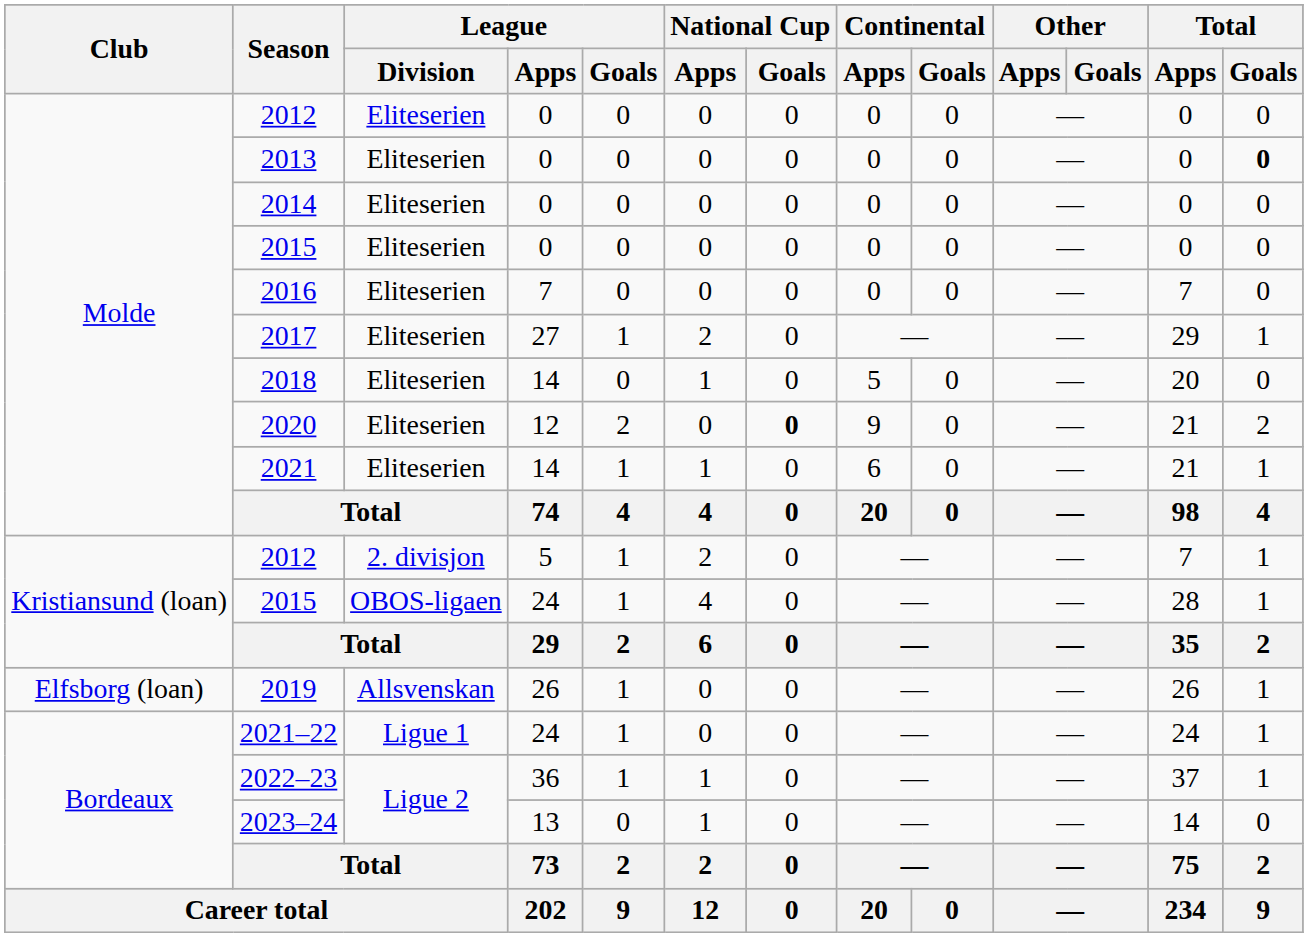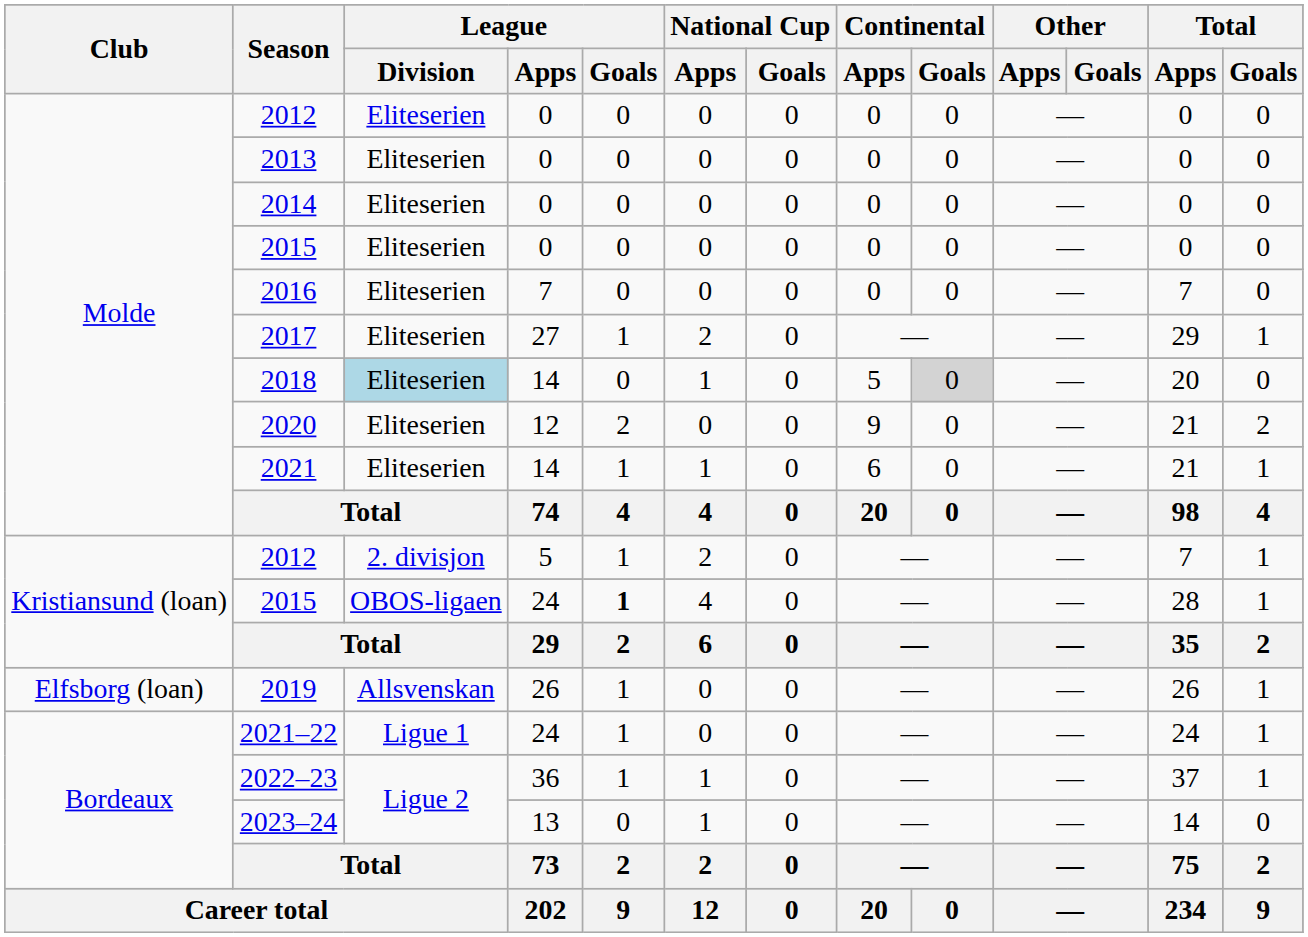 <table class="wikitable" style="text-align:center">
 <tr>
 <th rowspan="2">Club</th>
 <th rowspan="2">Season</th>
 <th colspan="3">League</th>
 <th colspan="2">National Cup</th>
 <th colspan="2">Continental</th>
 <th colspan="2">Other</th>
 <th colspan="2">Total</th>
 </tr>
 <tr>
 <th>Division</th>
 <th>Apps</th>
 <th>Goals</th>
 <th>Apps</th>
 <th>Goals</th>
 <th>Apps</th>
 <th>Goals</th>
 <th>Apps</th>
 <th>Goals</th>
 <th>Apps</th>
 <th>Goals</th>
 </tr>
 <tr>
 <td rowspan="10"><a href='#'>Molde</a></td>
 <td><a href='#'>2012</a></td>
 <td><a href='#'>Eliteserien</a></td>
 <td>0</td>
 <td>0</td>
 <td>0</td>
 <td>0</td>
 <td>0</td>
 <td>0</td>
 <td colspan="2">—</td>
 <td>0</td>
 <td>0</td>
 </tr>
 <tr>
 <td><a href='#'>2013</a></td>
 <td>Eliteserien</td>
 <td>0</td>
 <td>0</td>
 <td>0</td>
 <td>0</td>
 <td>0</td>
 <td>0</td>
 <td colspan="2">—</td>
 <td>0</td>
-<td><strong>0</strong></td>
+<td>0</td>
 </tr>
 <tr>
 <td><a href='#'>2014</a></td>
 <td>Eliteserien</td>
 <td>0</td>
 <td>0</td>
 <td>0</td>
 <td>0</td>
 <td>0</td>
 <td>0</td>
 <td colspan="2">—</td>
 <td>0</td>
 <td>0</td>
 </tr>
 <tr>
 <td><a href='#'>2015</a></td>
 <td>Eliteserien</td>
 <td>0</td>
 <td>0</td>
 <td>0</td>
 <td>0</td>
 <td>0</td>
 <td>0</td>
 <td colspan="2">—</td>
 <td>0</td>
 <td>0</td>
 </tr>
 <tr>
 <td><a href='#'>2016</a></td>
 <td>Eliteserien</td>
 <td>7</td>
 <td>0</td>
 <td>0</td>
 <td>0</td>
 <td>0</td>
 <td>0</td>
 <td colspan="2">—</td>
 <td>7</td>
 <td>0</td>
 </tr>
 <tr>
 <td><a href='#'>2017</a></td>
 <td>Eliteserien</td>
 <td>27</td>
 <td>1</td>
 <td>2</td>
 <td>0</td>
 <td colspan="2">—</td>
 <td colspan="2">—</td>
 <td>29</td>
 <td>1</td>
 </tr>
 <tr>
 <td><a href='#'>2018</a></td>
-<td>Eliteserien</td>
+<td style="background: lightblue;">Eliteserien</td>
 <td>14</td>
 <td>0</td>
 <td>1</td>
 <td>0</td>
 <td>5</td>
-<td>0</td>
+<td style="background: lightgrey;">0</td>
 <td colspan="2">—</td>
 <td>20</td>
 <td>0</td>
 </tr>
 <tr>
 <td><a href='#'>2020</a></td>
 <td>Eliteserien</td>
 <td>12</td>
 <td>2</td>
 <td>0</td>
-<td><strong>0</strong></td>
+<td>0</td>
 <td>9</td>
 <td>0</td>
 <td colspan="2">—</td>
 <td>21</td>
 <td>2</td>
 </tr>
 <tr>
 <td><a href='#'>2021</a></td>
 <td>Eliteserien</td>
 <td>14</td>
 <td>1</td>
 <td>1</td>
 <td>0</td>
 <td>6</td>
 <td>0</td>
 <td colspan="2">—</td>
 <td>21</td>
 <td>1</td>
 </tr>
 <tr>
 <th colspan="2">Total</th>
 <th>74</th>
 <th>4</th>
 <th>4</th>
 <th>0</th>
 <th>20</th>
 <th>0</th>
 <th colspan="2">—</th>
 <th>98</th>
 <th>4</th>
 </tr>
 <tr>
 <td rowspan="3"><a href='#'>Kristiansund</a> (loan)</td>
 <td><a href='#'>2012</a></td>
 <td><a href='#'>2. divisjon</a></td>
 <td>5</td>
 <td>1</td>
 <td>2</td>
 <td>0</td>
 <td colspan="2">—</td>
 <td colspan="2">—</td>
 <td>7</td>
 <td>1</td>
 </tr>
 <tr>
 <td><a href='#'>2015</a></td>
 <td><a href='#'>OBOS-ligaen</a></td>
 <td>24</td>
-<td>1</td>
+<td><strong>1</strong></td>
 <td>4</td>
 <td>0</td>
 <td colspan="2">—</td>
 <td colspan="2">—</td>
 <td>28</td>
 <td>1</td>
 </tr>
 <tr>
 <th colspan="2">Total</th>
 <th>29</th>
 <th>2</th>
 <th>6</th>
 <th>0</th>
 <th colspan="2">—</th>
 <th colspan="2">—</th>
 <th>35</th>
 <th>2</th>
 </tr>
 <tr>
 <td><a href='#'>Elfsborg</a> (loan)</td>
 <td><a href='#'>2019</a></td>
 <td><a href='#'>Allsvenskan</a></td>
 <td>26</td>
 <td>1</td>
 <td>0</td>
 <td>0</td>
 <td colspan="2">—</td>
 <td colspan="2">—</td>
 <td>26</td>
 <td>1</td>
 </tr>
 <tr>
 <td rowspan="4"><a href='#'>Bordeaux</a></td>
 <td><a href='#'>2021–22</a></td>
 <td><a href='#'>Ligue 1</a></td>
 <td>24</td>
 <td>1</td>
 <td>0</td>
 <td>0</td>
 <td colspan="2">—</td>
 <td colspan="2">—</td>
 <td>24</td>
 <td>1</td>
 </tr>
 <tr>
 <td><a href='#'>2022–23</a></td>
 <td rowspan="2"><a href='#'>Ligue 2</a></td>
 <td>36</td>
 <td>1</td>
 <td>1</td>
 <td>0</td>
 <td colspan="2">—</td>
 <td colspan="2">—</td>
 <td>37</td>
 <td>1</td>
 </tr>
 <tr>
 <td><a href='#'>2023–24</a></td>
 <td>13</td>
 <td>0</td>
 <td>1</td>
 <td>0</td>
 <td colspan="2">—</td>
 <td colspan="2">—</td>
 <td>14</td>
 <td>0</td>
 </tr>
 <tr>
 <th colspan="2">Total</th>
 <th>73</th>
 <th>2</th>
 <th>2</th>
 <th>0</th>
 <th colspan="2">—</th>
 <th colspan="2">—</th>
 <th>75</th>
 <th>2</th>
 </tr>
 <tr>
 <th colspan="3">Career total</th>
 <th>202</th>
 <th>9</th>
 <th>12</th>
 <th>0</th>
 <th>20</th>
 <th>0</th>
 <th colspan="2">—</th>
 <th>234</th>
 <th>9</th>
 </tr>
 </table>
